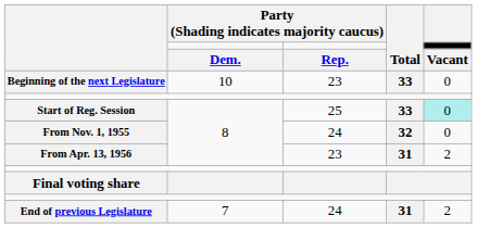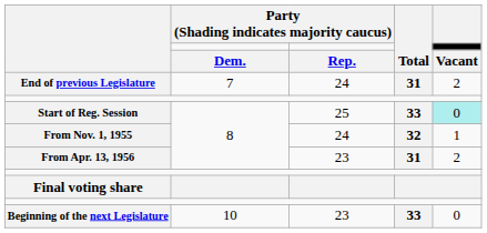 <table class=wikitable style="text-align:center">
 <tr style="vertical-align:bottom;">
 <th rowspan=3></th>
 <th colspan=2>Party <div>(Shading indicates majority caucus)</div></th>
 <th rowspan=3>Total</th>
 <th></th>
 </tr>
 <tr style="height:5px">
 <td style="background-color:"></td>
 <td style="background-color:"></td>
 <td style="background:black;"></td>
 </tr>
 <tr>
 <th><a href='#'>Dem.</a></th>
 <th><a href='#'>Rep.</a></th>
 <th>Vacant</th>
 </tr>
 <tr>
-<th style="font-size:80%;">Beginning of the <a href='#'>next Legislature</a></th>
-<td>10</td>
-<td>23</td>
-<th>33</th>
-<td>0</td>
+<th style="font-size:80%;">End of <a href='#'>previous Legislature</a></th>
+<td>7</td>
+<td>24</td>
+<th>31</th>
+<td>2</td>
 </tr>
 <tr>
 <td colspan=5></td>
 </tr>
 <tr>
 <th style="font-size:80%;">Start of Reg. Session</th>
 <td rowspan="3">8</td>
 <td>25</td>
 <th>33</th>
 <td style="background: paleturquoise;">0</td>
 </tr>
 <tr>
 <th style="font-size:80%;">From Nov. 1, 1955</th>
 <td>24</td>
 <th>32</th>
-<td>0</td>
+<td>1</td>
 </tr>
 <tr>
 <th style="font-size:80%;">From Apr. 13, 1956</th>
 <td>23</td>
 <th>31</th>
 <td>2</td>
 </tr>
 <tr>
 <td colspan=5></td>
 </tr>
 <tr>
 <th>Final voting share</th>
 <th></th>
 <th></th>
 <th colspan=2></th>
 </tr>
 <tr>
 <td colspan=5></td>
 </tr>
 <tr>
-<th style="font-size:80%;">End of <a href='#'>previous Legislature</a></th>
-<td>7</td>
-<td>24</td>
-<th>31</th>
-<td>2</td>
+<th style="font-size:80%;">Beginning of the <a href='#'>next Legislature</a></th>
+<td>10</td>
+<td>23</td>
+<th>33</th>
+<td>0</td>
 </tr>
 </table>
